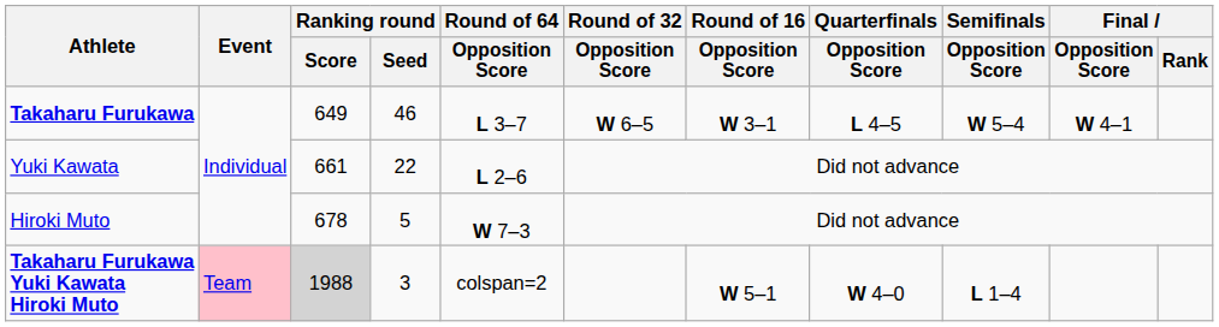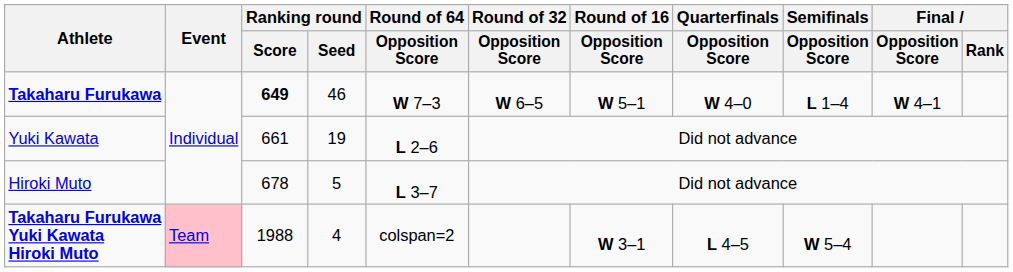 <table class="wikitable" style="font-size:90%">
 <tr>
 <th rowspan=2>Athlete</th>
 <th rowspan=2>Event</th>
 <th colspan="2">Ranking round</th>
 <th>Round of 64</th>
 <th>Round of 32</th>
 <th>Round of 16</th>
 <th>Quarterfinals</th>
 <th>Semifinals</th>
 <th colspan="2">Final / </th>
 </tr>
 <tr style="font-size:95%">
 <th>Score</th>
 <th>Seed</th>
 <th>Opposition<br>Score</th>
 <th>Opposition<br>Score</th>
 <th>Opposition<br>Score</th>
 <th>Opposition<br>Score</th>
 <th>Opposition<br>Score</th>
 <th>Opposition<br>Score</th>
 <th>Rank</th>
 </tr>
 <tr align=center>
 <td align=left><strong><a href='#'>Takaharu Furukawa</a></strong></td>
 <td align=left rowspan=3><a href='#'>Individual</a></td>
-<td>649</td>
+<td><strong>649</strong></td>
 <td>46</td>
-<td><br><strong>L</strong> 3–7</td>
+<td><br><strong>W</strong> 7–3</td>
 <td><br><strong>W</strong> 6–5</td>
-<td><br><strong>W</strong> 3–1</td>
-<td><br><strong>L</strong> 4–5</td>
-<td><br><strong>W</strong> 5–4</td>
+<td><br><strong>W</strong> 5–1</td>
+<td><br><strong>W</strong> 4–0</td>
+<td><br><strong>L</strong> 1–4</td>
 <td><br><strong>W</strong> 4–1</td>
 <td></td>
 </tr>
 <tr align=center>
 <td align=left><a href='#'>Yuki Kawata</a></td>
 <td>661</td>
-<td>22</td>
+<td>19</td>
 <td><br><strong>L</strong> 2–6</td>
 <td colspan=6>Did not advance</td>
 </tr>
 <tr align=center>
 <td align=left><a href='#'>Hiroki Muto</a></td>
 <td>678</td>
 <td>5</td>
-<td><br><strong>W</strong> 7–3</td>
+<td><br><strong>L</strong> 3–7</td>
 <td colspan=6>Did not advance</td>
 </tr>
 <tr align=center>
 <td align=left><strong><a href='#'>Takaharu Furukawa</a><br><a href='#'>Yuki Kawata</a><br><a href='#'>Hiroki Muto</a></strong></td>
 <td align=left style="background: pink;"><a href='#'>Team</a></td>
-<td style="background: lightgrey;">1988</td>
-<td>3</td>
+<td>1988</td>
+<td>4</td>
 <td>colspan=2 </td>
 <td></td>
-<td><br><strong>W</strong> 5–1</td>
-<td><br><strong>W</strong> 4–0</td>
-<td><br><strong>L</strong> 1–4</td>
+<td><br><strong>W</strong> 3–1</td>
+<td><br><strong>L</strong> 4–5</td>
+<td><br><strong>W</strong> 5–4</td>
 <td></td>
 </tr>
 </table>
